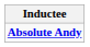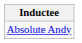 <table class="wikitable">
 <tr>
 <th>Inductee</th>
 </tr>
 <tr>
-<td><strong><a href='#'>Absolute Andy</a></strong></td>
+<td><a href='#'>Absolute Andy</a></td>
 </tr>
 </table>
